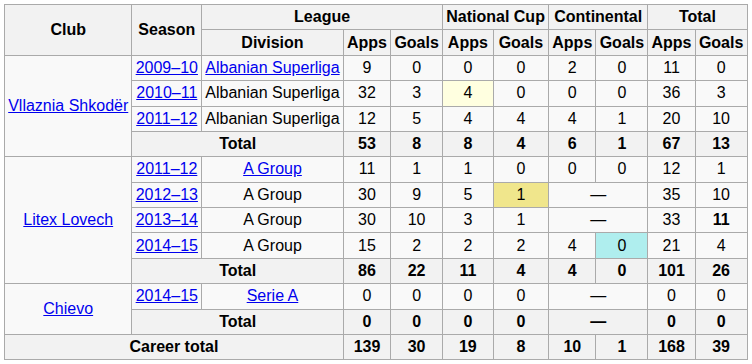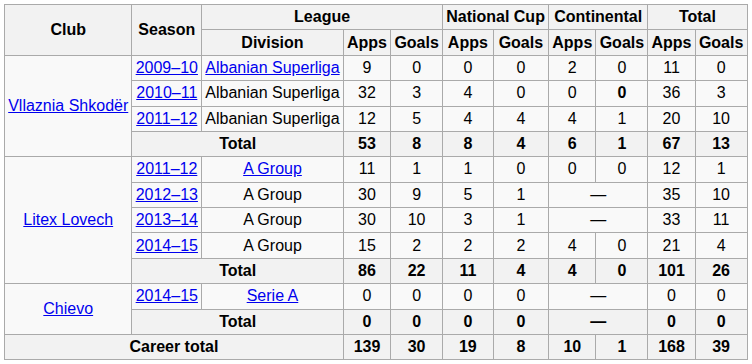 <table class="wikitable" style="text-align:center">
 <tr>
 <th rowspan="2">Club</th>
 <th rowspan="2">Season</th>
 <th colspan="3">League</th>
 <th colspan="2">National Cup</th>
 <th colspan="2">Continental</th>
 <th colspan="2">Total</th>
 </tr>
 <tr>
 <th>Division</th>
 <th>Apps</th>
 <th>Goals</th>
 <th>Apps</th>
 <th>Goals</th>
 <th>Apps</th>
 <th>Goals</th>
 <th>Apps</th>
 <th>Goals</th>
 </tr>
 <tr>
 <td rowspan="4"><a href='#'>Vllaznia Shkodër</a></td>
 <td><a href='#'>2009–10</a></td>
 <td><a href='#'>Albanian Superliga</a></td>
 <td>9</td>
 <td>0</td>
 <td>0</td>
 <td>0</td>
 <td>2</td>
 <td>0</td>
 <td>11</td>
 <td>0</td>
 </tr>
 <tr>
 <td><a href='#'>2010–11</a></td>
 <td>Albanian Superliga</td>
 <td>32</td>
 <td>3</td>
-<td style="background: lightyellow;">4</td>
+<td>4</td>
 <td>0</td>
 <td>0</td>
-<td>0</td>
+<td><strong>0</strong></td>
 <td>36</td>
 <td>3</td>
 </tr>
 <tr>
 <td><a href='#'>2011–12</a></td>
 <td>Albanian Superliga</td>
 <td>12</td>
 <td>5</td>
 <td>4</td>
 <td>4</td>
 <td>4</td>
 <td>1</td>
 <td>20</td>
 <td>10</td>
 </tr>
 <tr>
 <th colspan="2">Total</th>
 <th>53</th>
 <th>8</th>
 <th>8</th>
 <th>4</th>
 <th>6</th>
 <th>1</th>
 <th>67</th>
 <th>13</th>
 </tr>
 <tr>
 <td rowspan="5"><a href='#'>Litex Lovech</a></td>
 <td><a href='#'>2011–12</a></td>
 <td><a href='#'>A Group</a></td>
 <td>11</td>
 <td>1</td>
 <td>1</td>
 <td>0</td>
 <td>0</td>
 <td>0</td>
 <td>12</td>
 <td>1</td>
 </tr>
 <tr>
 <td><a href='#'>2012–13</a></td>
 <td>A Group</td>
 <td>30</td>
 <td>9</td>
 <td>5</td>
-<td style="background: khaki;">1</td>
+<td>1</td>
 <td colspan="2">—</td>
 <td>35</td>
 <td>10</td>
 </tr>
 <tr>
 <td><a href='#'>2013–14</a></td>
 <td>A Group</td>
 <td>30</td>
 <td>10</td>
 <td>3</td>
 <td>1</td>
 <td colspan="2">—</td>
 <td>33</td>
-<td><strong>11</strong></td>
+<td>11</td>
 </tr>
 <tr>
 <td><a href='#'>2014–15</a></td>
 <td>A Group</td>
 <td>15</td>
 <td>2</td>
 <td>2</td>
 <td>2</td>
 <td>4</td>
-<td style="background: paleturquoise;">0</td>
+<td>0</td>
 <td>21</td>
 <td>4</td>
 </tr>
 <tr>
 <th colspan="2">Total</th>
 <th>86</th>
 <th>22</th>
 <th>11</th>
 <th>4</th>
 <th>4</th>
 <th>0</th>
 <th>101</th>
 <th>26</th>
 </tr>
 <tr>
 <td rowspan="2"><a href='#'>Chievo</a></td>
 <td><a href='#'>2014–15</a></td>
 <td><a href='#'>Serie A</a></td>
 <td>0</td>
 <td>0</td>
 <td>0</td>
 <td>0</td>
 <td colspan="2">—</td>
 <td>0</td>
 <td>0</td>
 </tr>
 <tr>
 <th colspan="2">Total</th>
 <th>0</th>
 <th>0</th>
 <th>0</th>
 <th>0</th>
 <th colspan="2">—</th>
 <th>0</th>
 <th>0</th>
 </tr>
 <tr>
 <th colspan="3">Career total</th>
 <th>139</th>
 <th>30</th>
 <th>19</th>
 <th>8</th>
 <th>10</th>
 <th>1</th>
 <th>168</th>
 <th>39</th>
 </tr>
 </table>
